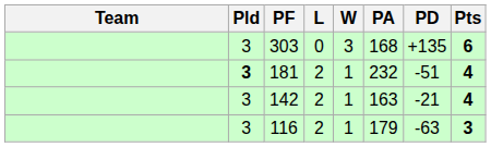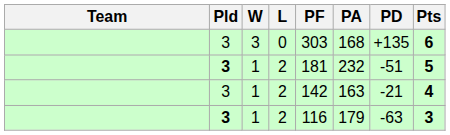 <table class="wikitable" style="text-align:center;">
 <tr>
 <th width=200>Team</th>
 <th width=20>Pld</th>
+<th width=20>W</th>
+<th width=20>L</th>
 <th width=30>PF</th>
-<th width=20>L</th>
-<th width=20>W</th>
 <th width=30>PA</th>
 <th width=30>PD</th>
 <th width=20>Pts</th>
 </tr>
 <tr style="background:#cfc;">
 <td align=left></td>
 <td>3</td>
+<td>3</td>
+<td>0</td>
 <td>303</td>
-<td>0</td>
-<td>3</td>
 <td>168</td>
 <td>+135</td>
 <td><strong>6</strong></td>
 </tr>
 <tr style="background:#cfc;">
 <td align=left></td>
 <td><strong>3</strong></td>
+<td>1</td>
+<td>2</td>
 <td>181</td>
-<td>2</td>
-<td>1</td>
 <td>232</td>
 <td>-51</td>
-<td><strong>4</strong></td>
+<td><strong>5</strong></td>
 </tr>
 <tr style="background:#cfc;">
 <td align=left></td>
 <td>3</td>
+<td>1</td>
+<td>2</td>
 <td>142</td>
-<td>2</td>
-<td>1</td>
 <td>163</td>
 <td>-21</td>
 <td><strong>4</strong></td>
 </tr>
 <tr style="background:#cfc;">
 <td align=left></td>
-<td>3</td>
+<td><strong>3</strong></td>
+<td>1</td>
+<td>2</td>
 <td>116</td>
-<td>2</td>
-<td>1</td>
 <td>179</td>
 <td>-63</td>
 <td><strong>3</strong></td>
 </tr>
 </table>
